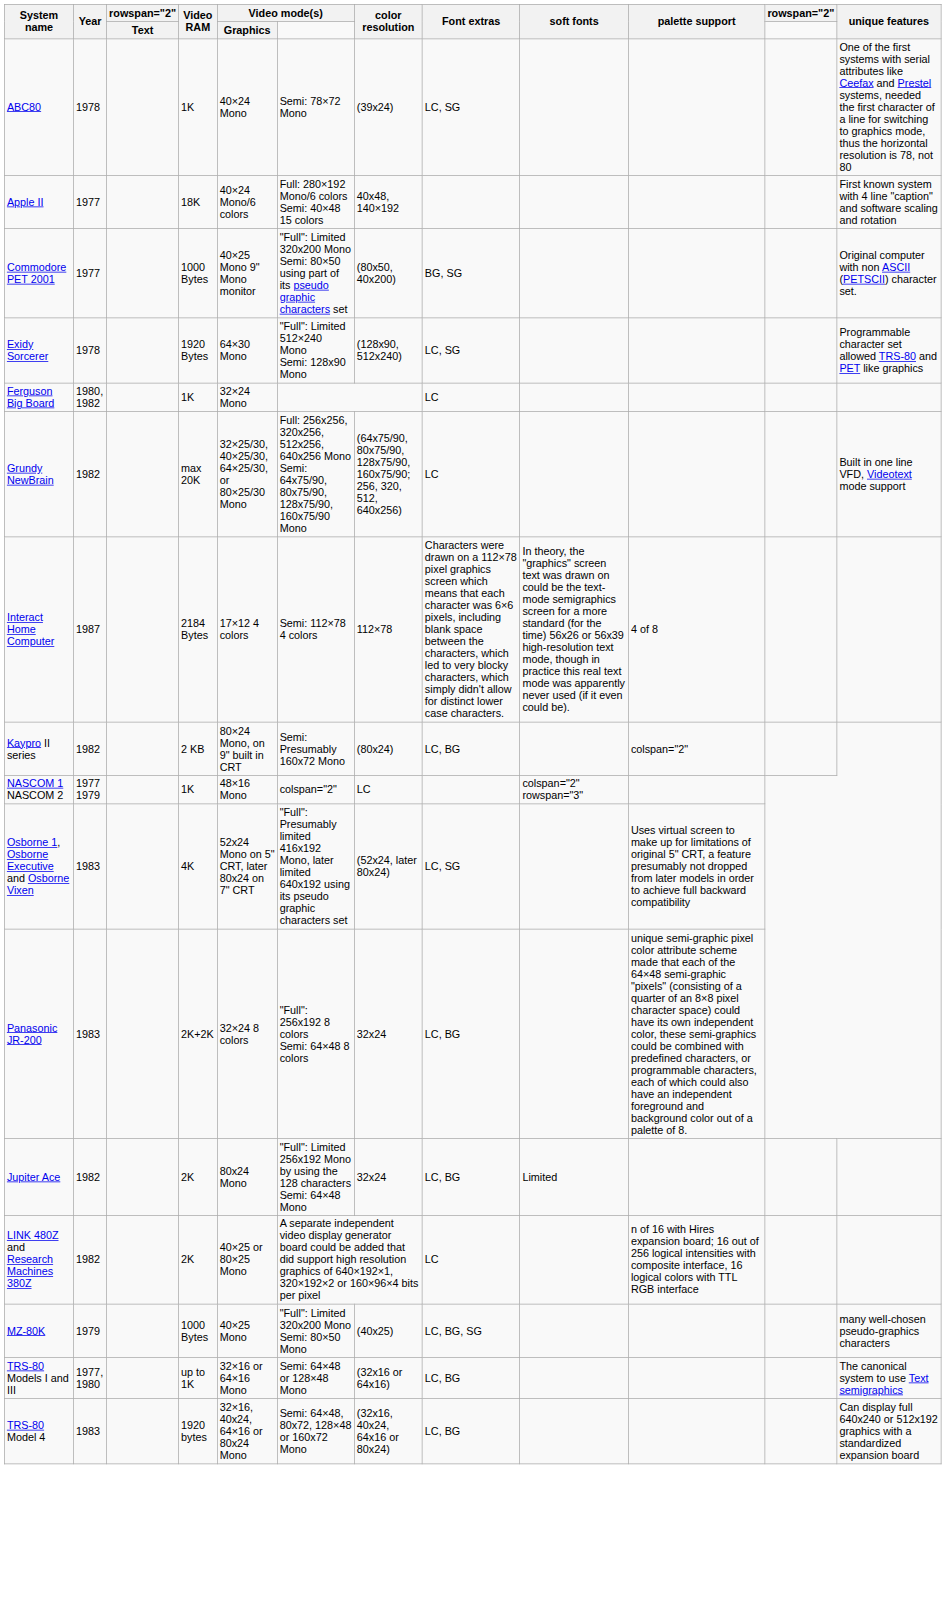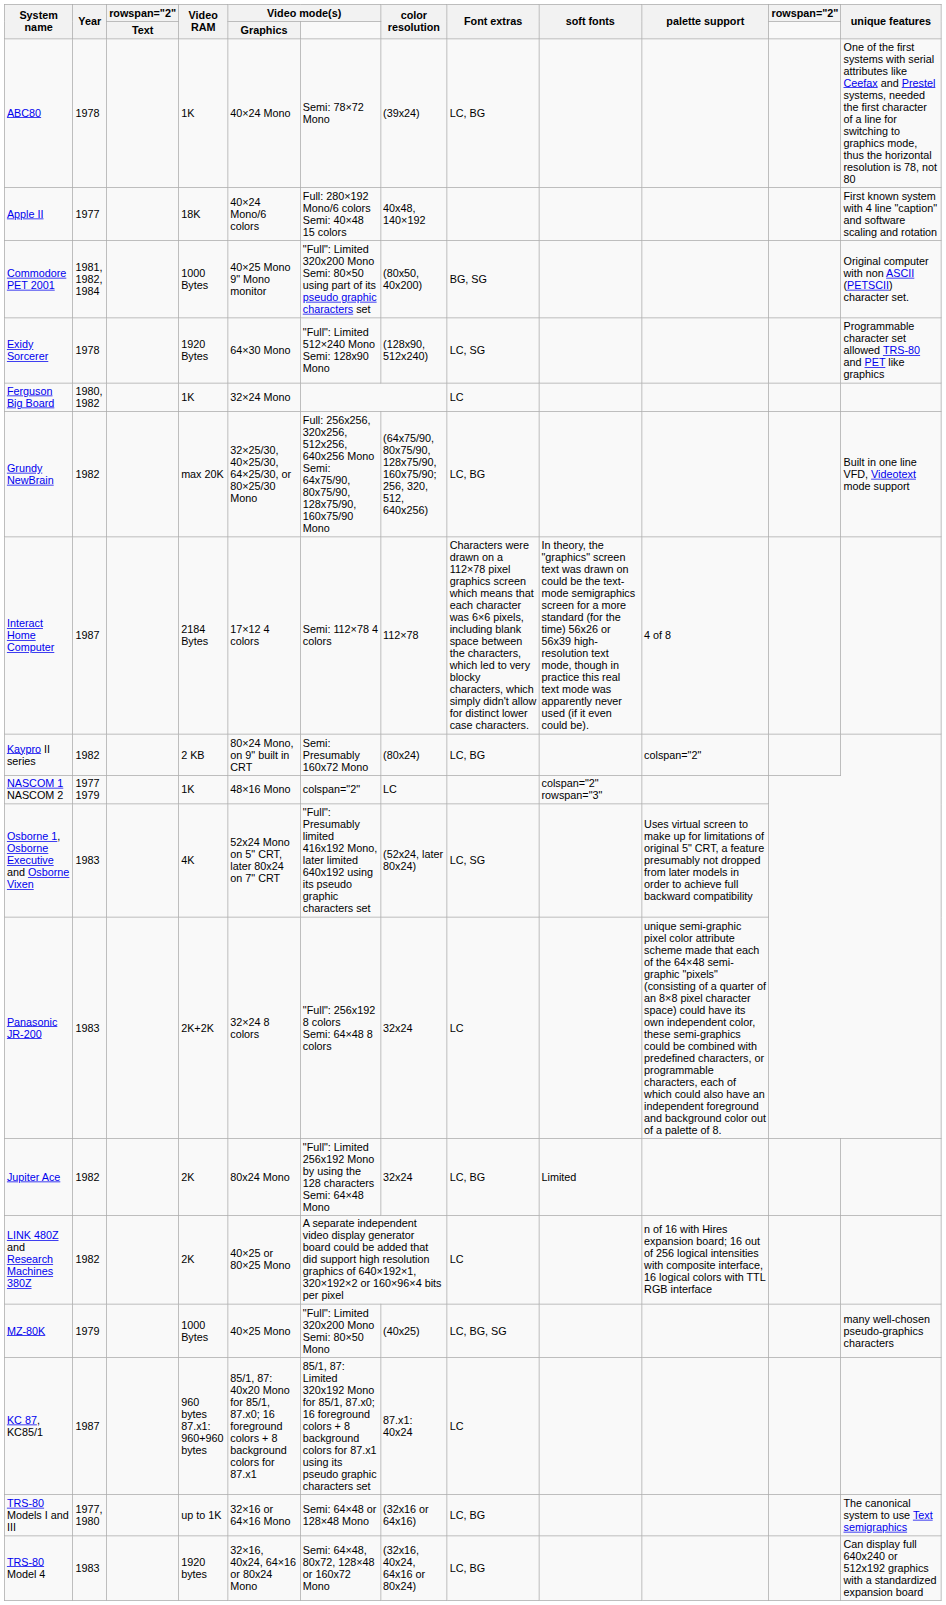 <table class="wikitable" style="font-size: 90%;">
 <tr>
 <th rowspan="2">System name</th>
 <th rowspan="2">Year</th>
 <th>rowspan="2" </th>
 <th rowspan="2">Video RAM</th>
 <th colspan="2">Video mode(s)</th>
 <th rowspan="2">color resolution</th>
 <th rowspan="2">Font extras</th>
 <th rowspan="2">soft fonts</th>
 <th rowspan="2">palette support</th>
 <th>rowspan="2" </th>
 <th rowspan="2">unique features</th>
 </tr>
 <tr>
 <th>Text</th>
 <th>Graphics</th>
 </tr>
 <tr>
 <td><a href='#'>ABC80</a></td>
 <td>1978</td>
 <td></td>
 <td>1K</td>
 <td>40×24 Mono</td>
 <td>Semi: 78×72 Mono</td>
 <td>(39x24)</td>
-<td>LC, SG</td>
+<td>LC, BG</td>
 <td></td>
 <td></td>
 <td></td>
 <td>One of the first systems with serial attributes like <a href='#'>Ceefax</a> and <a href='#'>Prestel</a> systems, needed the first character of a line for switching to graphics mode, thus the horizontal resolution is 78, not 80</td>
 </tr>
 <tr>
 <td><a href='#'>Apple II</a></td>
 <td>1977</td>
 <td></td>
 <td>18K</td>
 <td>40×24 Mono/6 colors</td>
 <td>Full: 280×192 Mono/6 colors Semi: 40×48 15 colors</td>
 <td>40x48, 140×192</td>
 <td></td>
 <td></td>
 <td></td>
 <td></td>
 <td>First known system with 4 line "caption" and software scaling and rotation</td>
 </tr>
 <tr>
 <td><a href='#'>Commodore PET 2001</a></td>
-<td>1977</td>
+<td>1981, 1982, 1984</td>
 <td></td>
 <td>1000 Bytes</td>
 <td>40×25 Mono 9" Mono monitor</td>
 <td>"Full": Limited 320x200 Mono<br>Semi: 80×50 using part of its <a href='#'>pseudo graphic characters</a> set</td>
 <td>(80x50, 40x200)</td>
 <td>BG, SG</td>
 <td></td>
 <td></td>
 <td></td>
 <td>Original computer with non <a href='#'>ASCII</a> (<a href='#'>PETSCII</a>) character set.</td>
 </tr>
 <tr>
 <td><a href='#'>Exidy Sorcerer</a></td>
 <td>1978</td>
 <td></td>
 <td>1920 Bytes</td>
 <td>64×30 Mono</td>
 <td>"Full": Limited 512×240 Mono<br>Semi: 128x90 Mono</td>
 <td>(128x90, 512x240)</td>
 <td>LC, SG</td>
 <td></td>
 <td></td>
 <td></td>
 <td>Programmable character set allowed <a href='#'>TRS-80</a> and <a href='#'>PET</a> like graphics</td>
 </tr>
 <tr>
 <td><a href='#'>Ferguson Big Board</a></td>
 <td>1980, 1982</td>
 <td></td>
 <td>1K</td>
 <td>32×24 Mono</td>
 <td colspan="2"></td>
 <td>LC</td>
 <td></td>
 <td></td>
 <td></td>
 <td></td>
 </tr>
 <tr>
 <td><a href='#'>Grundy NewBrain</a></td>
 <td>1982</td>
 <td></td>
 <td>max 20K</td>
 <td>32×25/30, 40×25/30, 64×25/30, or 80×25/30 Mono</td>
 <td>Full: 256x256, 320x256, 512x256, 640x256 Mono<br>Semi: 64x75/90, 80x75/90, 128x75/90, 160x75/90 Mono</td>
 <td>(64x75/90, 80x75/90, 128x75/90, 160x75/90; 256, 320, 512, 640x256)</td>
-<td>LC</td>
+<td>LC, BG</td>
 <td></td>
 <td></td>
 <td></td>
 <td>Built in one line VFD, <a href='#'>Videotext</a> mode support</td>
 </tr>
 <tr>
 <td><a href='#'>Interact Home Computer</a></td>
 <td>1987</td>
 <td></td>
 <td>2184 Bytes</td>
 <td>17×12 4 colors</td>
 <td>Semi: 112×78 4 colors</td>
 <td>112×78</td>
 <td>Characters were drawn on a 112×78 pixel graphics screen which means that each character was 6×6 pixels, including blank space between the characters, which led to very blocky characters, which simply didn't allow for distinct lower case characters.</td>
 <td>In theory, the "graphics" screen text was drawn on could be the text-mode semigraphics screen for a more standard (for the time) 56x26 or 56x39 high-resolution text mode, though in practice this real text mode was apparently never used (if it even could be).</td>
 <td>4 of 8</td>
 <td></td>
 <td></td>
 </tr>
 <tr>
 <td><a href='#'>Kaypro</a> II series</td>
 <td>1982</td>
 <td></td>
 <td>2 KB</td>
 <td>80×24 Mono, on 9" built in CRT</td>
 <td>Semi: Presumably 160x72 Mono</td>
 <td>(80x24)</td>
 <td>LC, BG</td>
 <td></td>
 <td>colspan="2" </td>
 <td></td>
 </tr>
 <tr>
 <td><a href='#'>NASCOM 1</a> NASCOM 2</td>
 <td>1977 1979</td>
 <td></td>
 <td>1K</td>
 <td>48×16 Mono</td>
 <td>colspan="2" </td>
 <td>LC</td>
 <td></td>
 <td>colspan="2" rowspan="3" </td>
 <td></td>
 </tr>
 <tr>
 <td><a href='#'>Osborne 1</a>,<br><a href='#'>Osborne Executive</a> and <a href='#'>Osborne Vixen</a></td>
 <td>1983</td>
 <td></td>
 <td>4K</td>
 <td>52x24 Mono on 5" CRT, later 80x24 on 7" CRT</td>
 <td>"Full": Presumably limited 416x192 Mono, later limited 640x192 using its pseudo graphic characters set</td>
 <td>(52x24, later 80x24)</td>
 <td>LC, SG</td>
 <td></td>
 <td>Uses virtual screen to make up for limitations of original 5" CRT, a feature presumably not dropped from later models in order to achieve full backward compatibility</td>
 </tr>
 <tr>
 <td><a href='#'>Panasonic JR-200</a></td>
 <td>1983</td>
 <td></td>
 <td>2K+2K</td>
 <td>32×24 8 colors</td>
 <td>"Full": 256x192 8 colors<br>Semi: 64×48 8 colors</td>
 <td>32x24</td>
-<td>LC, BG</td>
+<td>LC</td>
 <td></td>
 <td>unique semi-graphic pixel color attribute scheme made that each of the 64×48 semi-graphic "pixels" (consisting of a quarter of an 8×8 pixel character space) could have its own independent color, these semi-graphics could be combined with predefined characters, or programmable characters, each of which could also have an independent foreground and background color out of a palette of 8.</td>
 </tr>
 <tr>
 <td><a href='#'>Jupiter Ace</a></td>
 <td>1982</td>
 <td></td>
 <td>2K</td>
 <td>80x24 Mono</td>
 <td>"Full": Limited 256x192 Mono by using the 128 characters<br>Semi: 64×48 Mono</td>
 <td>32x24</td>
 <td>LC, BG</td>
 <td>Limited</td>
 <td></td>
 <td></td>
 <td></td>
 </tr>
 <tr>
 <td><a href='#'>LINK 480Z</a>  and <a href='#'>Research Machines 380Z</a></td>
 <td>1982</td>
 <td></td>
 <td>2K</td>
 <td>40×25 or 80×25 Mono</td>
 <td colspan="2">A separate independent video display generator board could be added that did support high resolution graphics of 640×192×1, 320×192×2 or 160×96×4 bits per pixel</td>
 <td>LC</td>
 <td></td>
 <td>n of 16 with Hires expansion board; 16 out of 256 logical intensities with composite interface, 16 logical colors with TTL RGB interface</td>
 <td></td>
 <td></td>
 </tr>
 <tr>
 <td><a href='#'>MZ-80K</a></td>
 <td>1979</td>
 <td></td>
 <td>1000 Bytes</td>
 <td>40×25 Mono</td>
 <td>"Full": Limited 320x200 Mono<br>Semi: 80×50 Mono</td>
 <td>(40x25)</td>
 <td>LC, BG, SG</td>
 <td></td>
 <td></td>
 <td></td>
 <td>many well-chosen pseudo-graphics characters</td>
 </tr>
 <tr>
+<td><a href='#'>KC 87</a>, KC85/1</td>
+<td>1987</td>
+<td></td>
+<td>960 bytes<br>87.x1: 960+960 bytes</td>
+<td>85/1, 87: 40x20 Mono for 85/1, 87.x0; 16 foreground colors + 8 background colors for 87.x1</td>
+<td>85/1, 87: Limited 320x192 Mono for 85/1, 87.x0; 16 foreground colors + 8 background colors for 87.x1 using its pseudo graphic characters set</td>
+<td>87.x1: 40x24</td>
+<td>LC</td>
+<td></td>
+<td></td>
+<td></td>
+<td></td>
+</tr>
+<tr>
 <td><a href='#'>TRS-80</a> Models I and III</td>
 <td>1977, 1980</td>
 <td></td>
 <td>up to 1K</td>
 <td>32×16 or 64×16 Mono</td>
 <td>Semi: 64×48 or 128×48 Mono</td>
 <td>(32x16 or 64x16)</td>
 <td>LC, BG</td>
 <td></td>
 <td></td>
 <td></td>
 <td>The canonical system to use <a href='#'>Text semigraphics</a></td>
 </tr>
 <tr>
 <td><a href='#'>TRS-80</a> Model 4</td>
 <td>1983</td>
 <td></td>
 <td>1920 bytes</td>
 <td>32×16, 40x24, 64×16 or 80x24 Mono</td>
 <td>Semi: 64×48, 80x72, 128×48 or 160x72 Mono</td>
 <td>(32x16, 40x24, 64x16 or 80x24)</td>
 <td>LC, BG</td>
 <td></td>
 <td></td>
 <td></td>
 <td>Can display full 640x240 or 512x192 graphics with a standardized expansion board</td>
 </tr>
 </table>
